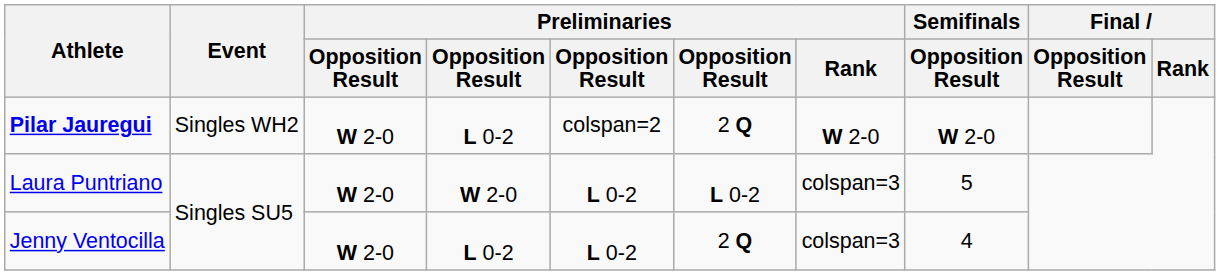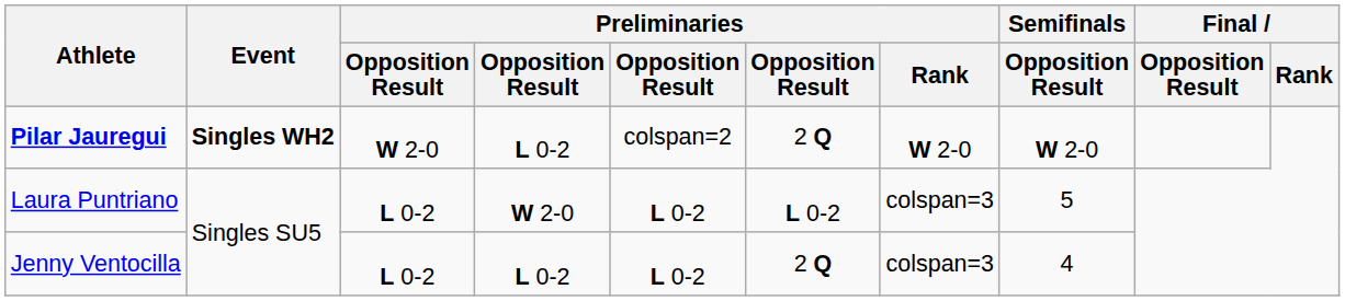 <table class=wikitable style="font-size:90%">
 <tr>
 <th rowspan="2">Athlete</th>
 <th rowspan="2">Event</th>
 <th colspan="5">Preliminaries</th>
 <th>Semifinals</th>
 <th colspan="2">Final / </th>
 </tr>
 <tr>
 <th>Opposition<br>Result</th>
 <th>Opposition<br>Result</th>
 <th>Opposition<br>Result</th>
 <th>Opposition<br>Result</th>
 <th>Rank</th>
 <th>Opposition<br>Result</th>
 <th>Opposition<br>Result</th>
 <th>Rank</th>
 </tr>
 <tr align=center>
 <td align=left><strong><a href='#'>Pilar Jauregui</a></strong></td>
-<td align=left>Singles WH2</td>
+<td align=left><strong>Singles WH2</strong></td>
 <td><br><strong>W</strong> 2-0</td>
 <td><br><strong>L</strong> 0-2</td>
 <td>colspan=2 </td>
 <td>2 <strong>Q</strong></td>
 <td><br><strong>W</strong> 2-0</td>
 <td><br><strong>W</strong> 2-0</td>
 <td></td>
 </tr>
 <tr align=center>
 <td align=left><a href='#'>Laura Puntriano</a></td>
 <td align=left rowspan=2>Singles SU5</td>
-<td><br><strong>W</strong> 2-0</td>
+<td><br><strong>L</strong> 0-2</td>
 <td><br><strong>W</strong> 2-0</td>
 <td><br><strong>L</strong> 0-2</td>
 <td><br><strong>L</strong> 0-2</td>
 <td>colspan=3 </td>
 <td>5</td>
 </tr>
 <tr align=center>
 <td align=left><a href='#'>Jenny Ventocilla</a></td>
-<td><br><strong>W</strong> 2-0</td>
+<td><br><strong>L</strong> 0-2</td>
 <td><br><strong>L</strong> 0-2</td>
 <td><br><strong>L</strong> 0-2</td>
 <td>2 <strong>Q</strong></td>
 <td>colspan=3 </td>
 <td>4</td>
 </tr>
 </table>
